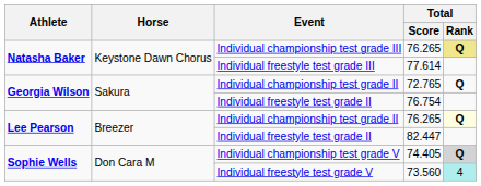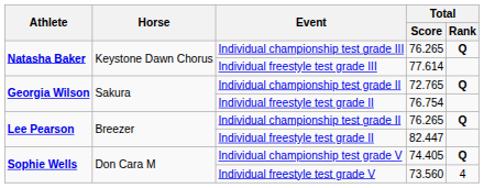 <table class=wikitable style="font-size:90%">
 <tr>
 <th rowspan="2">Athlete</th>
 <th rowspan="2">Horse</th>
 <th rowspan="2">Event</th>
 <th colspan="2">Total</th>
 </tr>
 <tr>
 <th>Score</th>
 <th>Rank</th>
 </tr>
 <tr>
 <td rowspan="2"><strong><a href='#'>Natasha Baker</a></strong></td>
 <td rowspan="2">Keystone Dawn Chorus</td>
 <td><a href='#'>Individual championship test grade III</a></td>
 <td align=center>76.265</td>
-<td align=center style="background: khaki;"> <strong>Q</strong></td>
+<td align=center> <strong>Q</strong></td>
 </tr>
 <tr>
 <td><a href='#'>Individual freestyle test grade III</a></td>
 <td align=center>77.614</td>
 <td align=center></td>
 </tr>
 <tr>
 <td rowspan="2"><strong><a href='#'>Georgia Wilson</a></strong></td>
 <td rowspan="2">Sakura</td>
 <td><a href='#'>Individual championship test grade II</a></td>
 <td align=center>72.765</td>
 <td align=center> <strong>Q</strong></td>
 </tr>
 <tr>
 <td><a href='#'>Individual freestyle test grade II</a></td>
 <td align=center>76.754</td>
 <td align=center></td>
 </tr>
 <tr>
 <td rowspan="2"><strong><a href='#'>Lee Pearson</a></strong></td>
 <td rowspan="2">Breezer</td>
 <td><a href='#'>Individual championship test grade II</a></td>
 <td align=center>76.265</td>
-<td align=center style="background: lightyellow;"> <strong>Q</strong></td>
+<td align=center> <strong>Q</strong></td>
 </tr>
 <tr>
 <td><a href='#'>Individual freestyle test grade II</a></td>
 <td align=center>82.447</td>
 <td align=center></td>
 </tr>
 <tr>
 <td rowspan="2"><strong><a href='#'>Sophie Wells</a></strong></td>
 <td rowspan="2">Don Cara M</td>
 <td><a href='#'>Individual championship test grade V</a></td>
 <td align=center>74.405</td>
-<td align=center style="background: lightgrey;"> <strong>Q</strong></td>
+<td align=center> <strong>Q</strong></td>
 </tr>
 <tr>
 <td><a href='#'>Individual freestyle test grade V</a></td>
 <td align=center>73.560</td>
-<td align=center style="background: paleturquoise;">4</td>
+<td align=center>4</td>
 </tr>
 </table>
